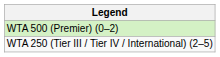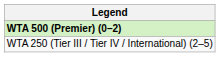 <table class="wikitable" style="font-size:90%">
 <tr>
 <th>Legend</th>
 </tr>
 <tr>
-<td style="background:#d4f1c5;">WTA 500 (Premier) (0–2)</td>
+<td style="background:#d4f1c5;"><strong>WTA 500 (Premier) (0–2)</strong></td>
 </tr>
 <tr>
 <td>WTA 250 (Tier III / Tier IV / International) (2–5)</td>
 </tr>
 </table>
